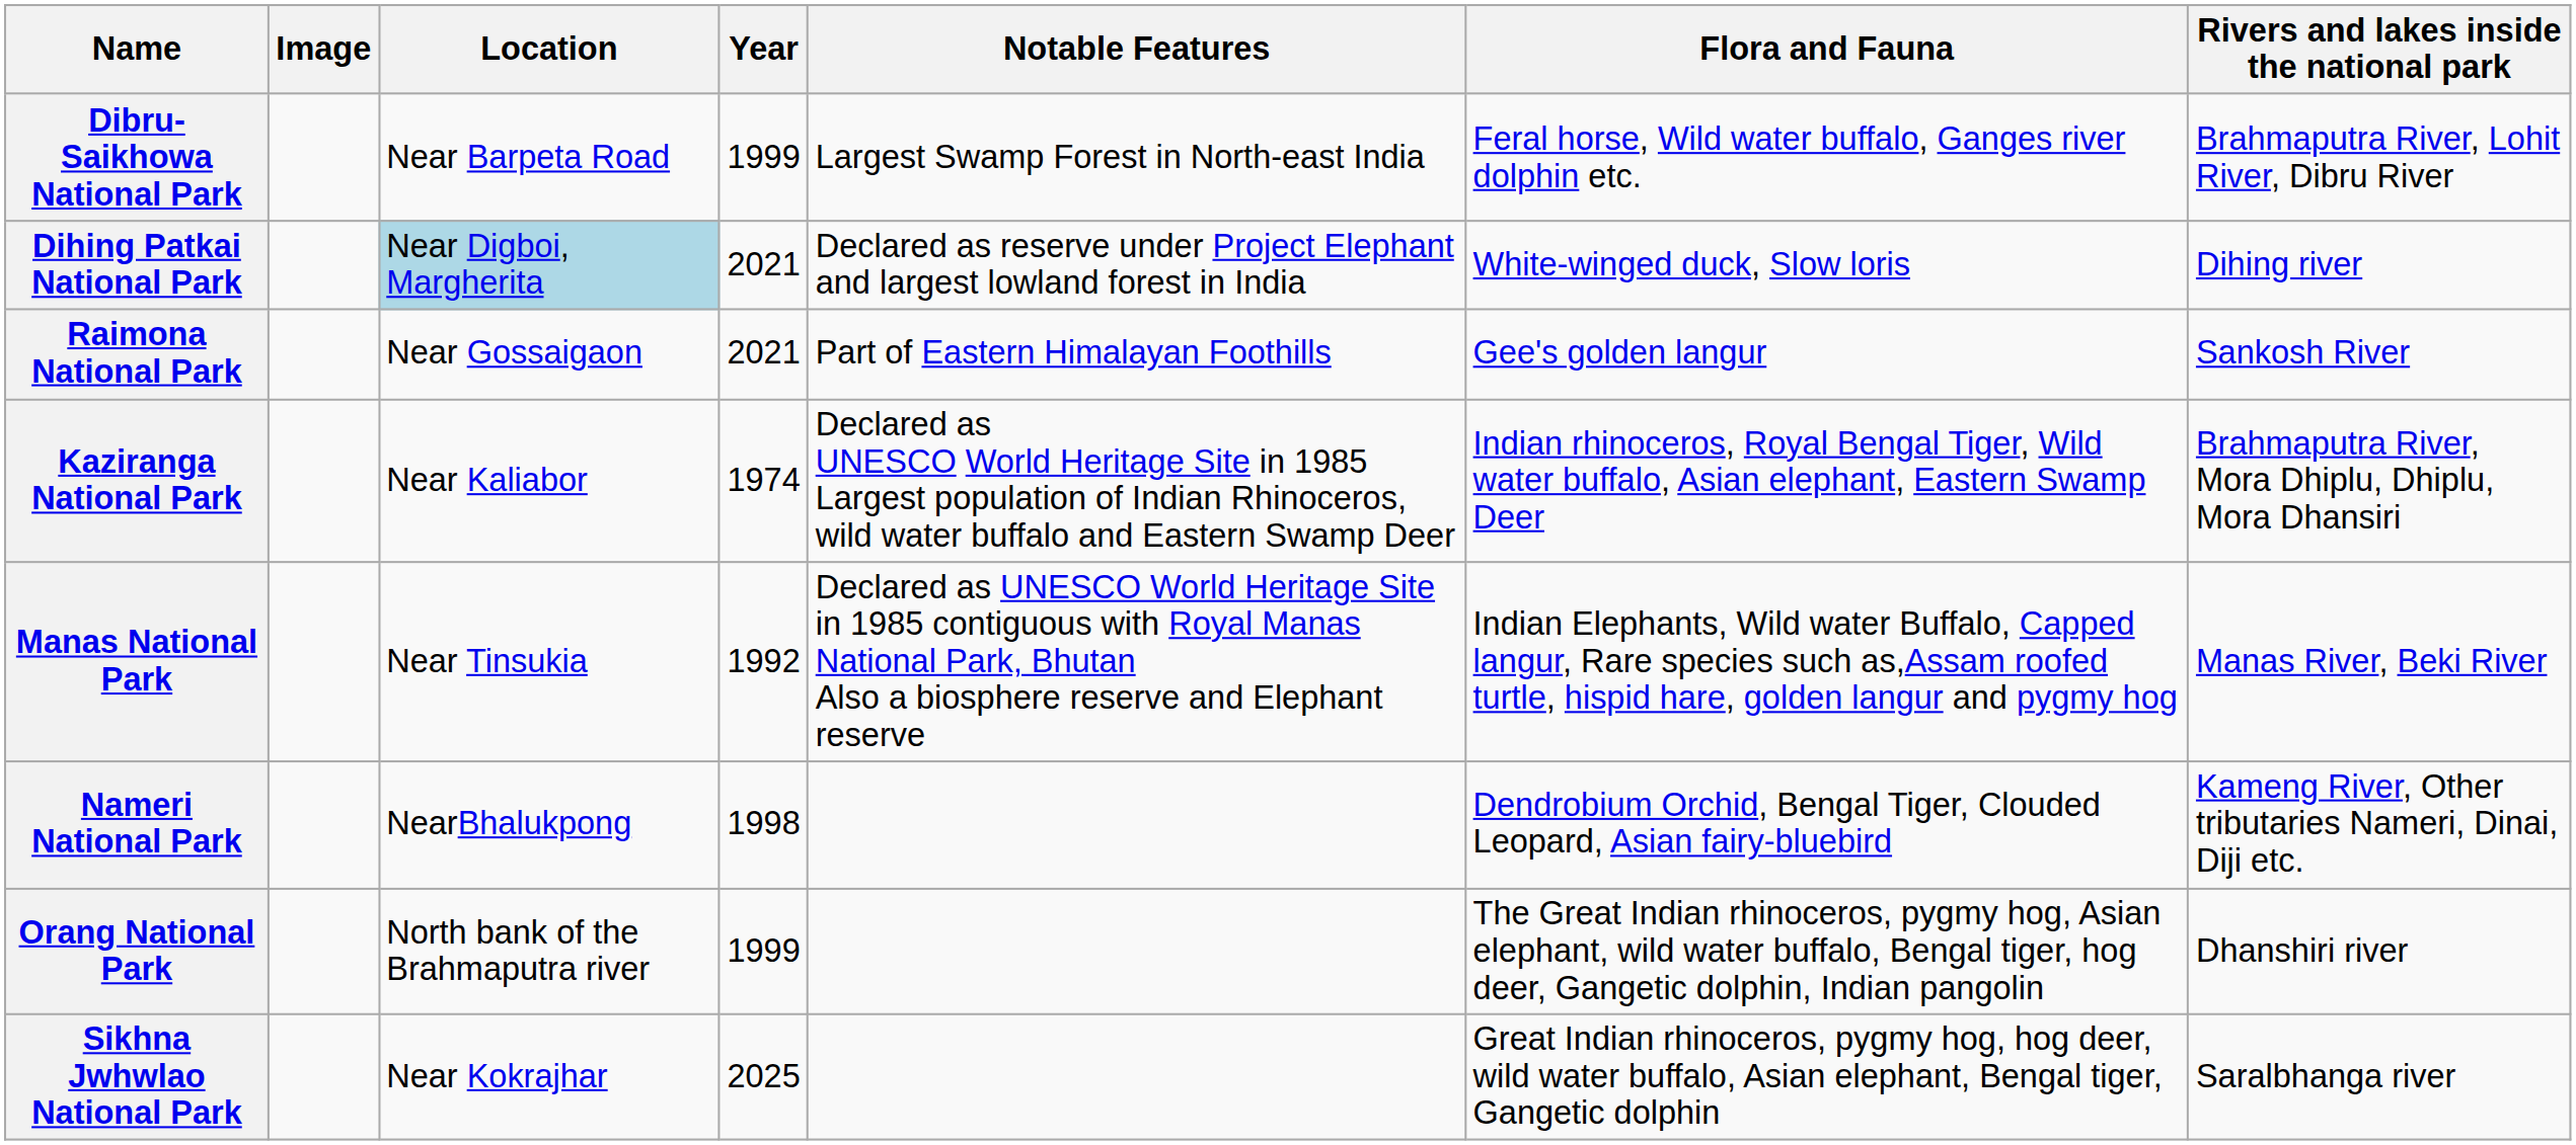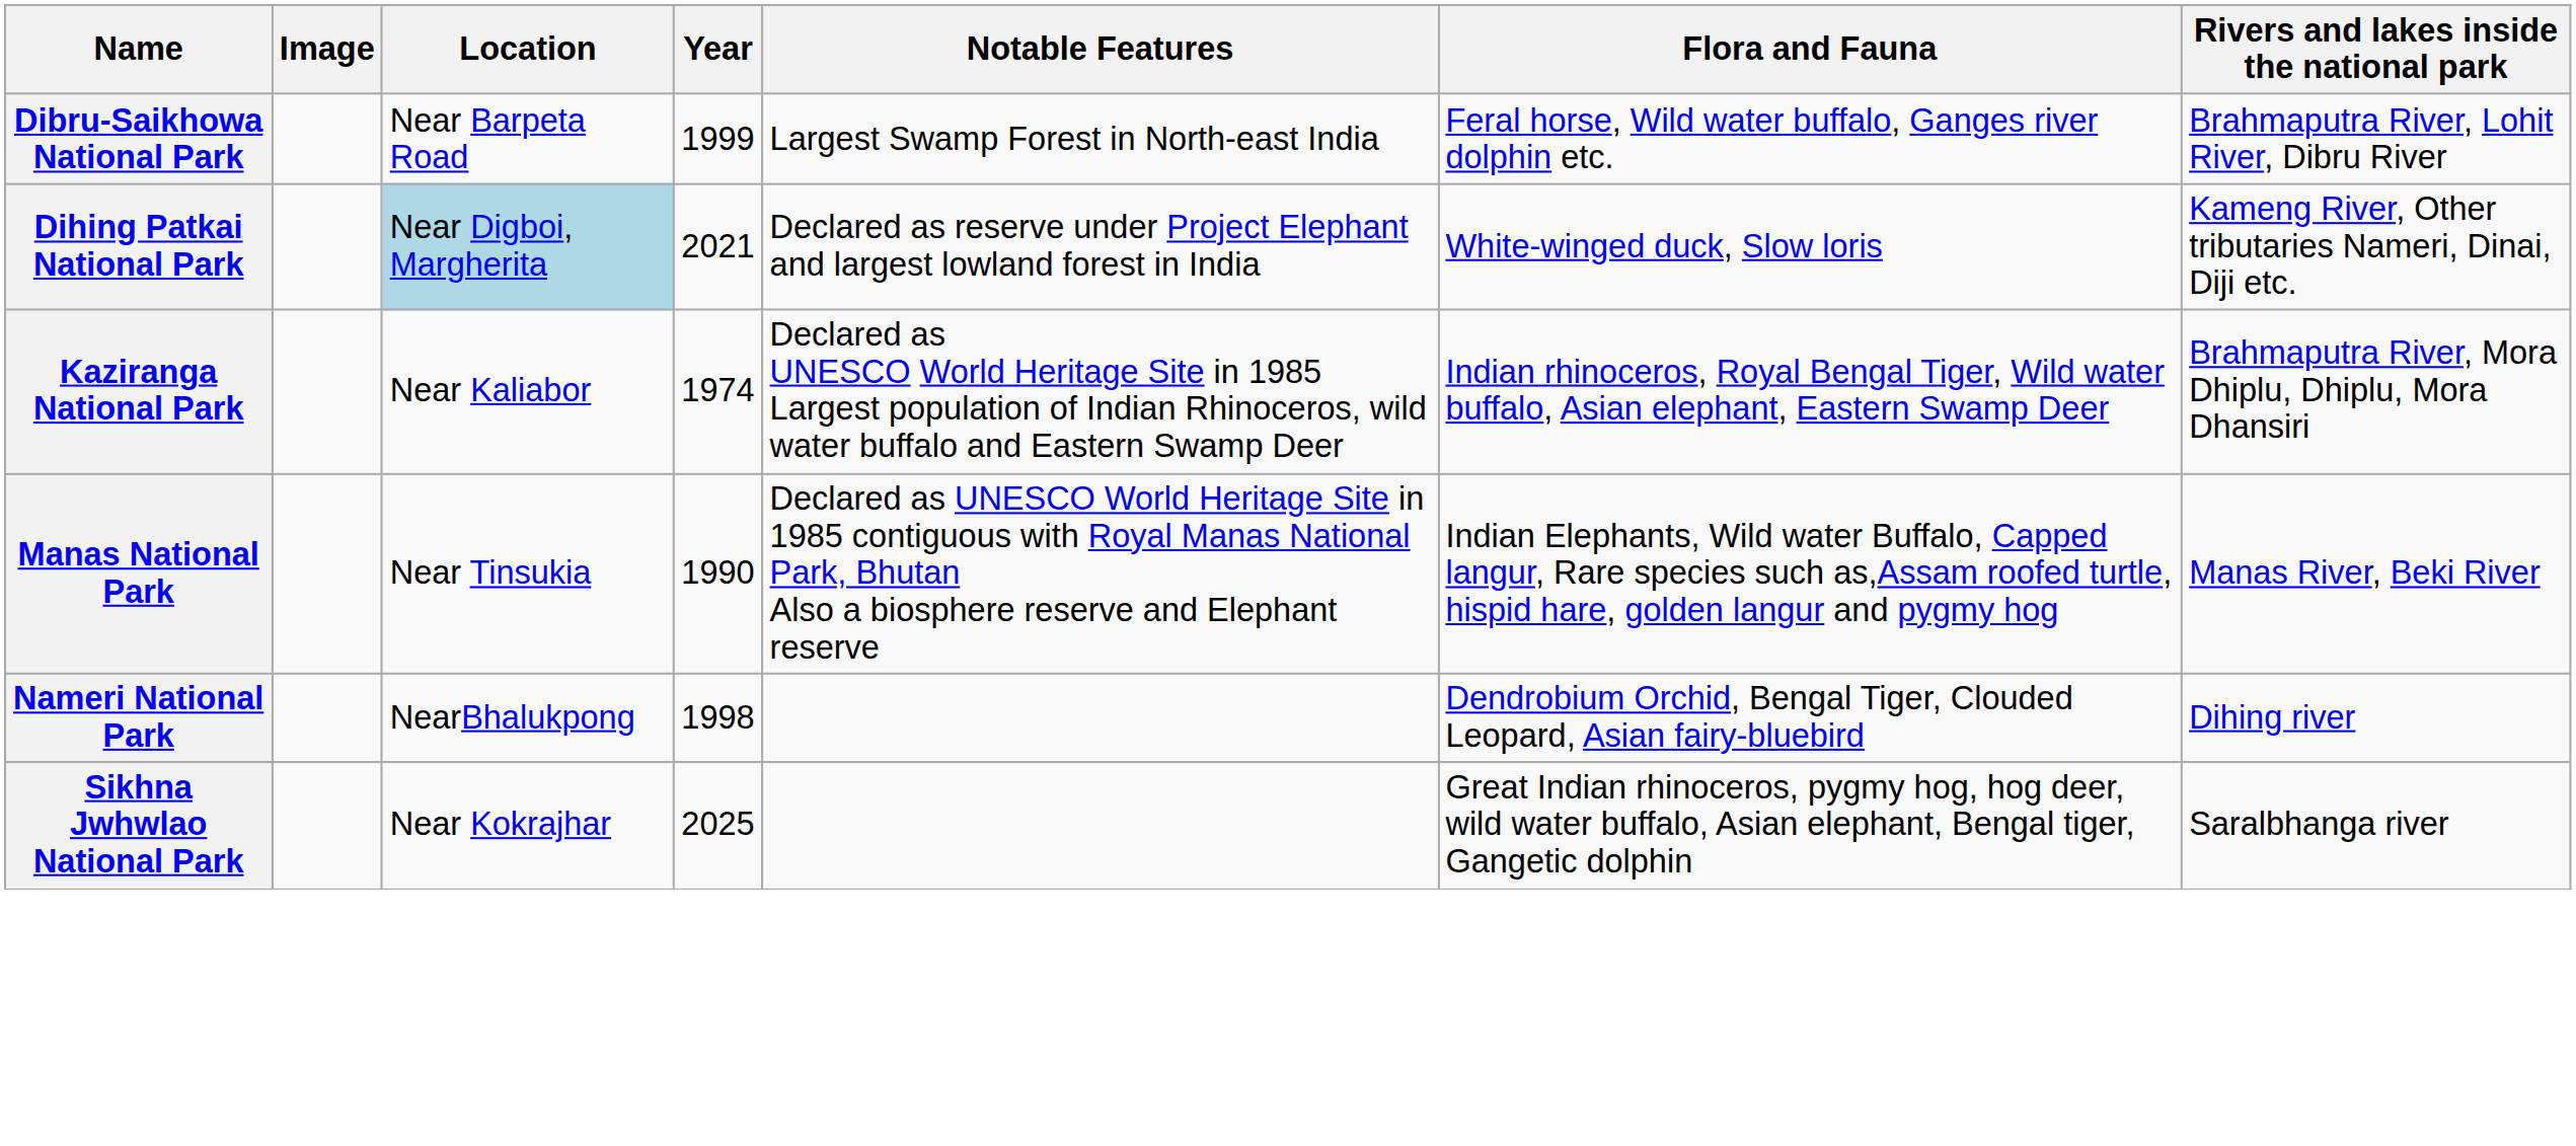 <table class="wikitable sortable">
 <tr>
 <th>Name</th>
 <th>Image</th>
 <th>Location</th>
 <th>Year</th>
 <th>Notable Features</th>
 <th>Flora and Fauna</th>
 <th>Rivers and lakes inside the national park</th>
 </tr>
 <tr>
 <th><a href='#'>Dibru-Saikhowa National Park</a></th>
 <td></td>
 <td>Near <a href='#'>Barpeta Road</a></td>
 <td>1999</td>
 <td>Largest Swamp Forest in North-east India</td>
 <td><a href='#'>Feral horse</a>, <a href='#'>Wild water buffalo</a>, <a href='#'>Ganges river dolphin</a> etc.</td>
 <td><a href='#'>Brahmaputra River</a>, <a href='#'>Lohit River</a>, Dibru River</td>
 </tr>
 <tr>
 <th><a href='#'>Dihing Patkai National Park</a></th>
 <td></td>
 <td style="background: lightblue;">Near <a href='#'>Digboi</a>, <a href='#'>Margherita</a></td>
 <td>2021</td>
 <td>Declared as reserve under <a href='#'>Project Elephant</a> and largest lowland forest in India</td>
 <td><a href='#'>White-winged duck</a>, <a href='#'>Slow loris</a></td>
-<td><a href='#'>Dihing river</a></td>
-</tr>
-<tr>
-<th><a href='#'>Raimona National Park</a></th>
-<td></td>
-<td>Near <a href='#'>Gossaigaon</a></td>
-<td>2021</td>
-<td>Part of <a href='#'>Eastern Himalayan Foothills</a></td>
-<td><a href='#'>Gee's golden langur</a></td>
-<td><a href='#'>Sankosh River</a></td>
+<td><a href='#'>Kameng River</a>, Other tributaries Nameri, Dinai, Diji etc.</td>
 </tr>
 <tr>
 <th><a href='#'>Kaziranga National Park</a></th>
 <td><br></td>
 <td>Near <a href='#'>Kaliabor</a></td>
 <td>1974</td>
 <td>Declared as<br><a href='#'>UNESCO</a> <a href='#'>World Heritage Site</a> in 1985 Largest population of Indian Rhinoceros, wild water buffalo and Eastern Swamp Deer</td>
 <td><a href='#'>Indian rhinoceros</a>, <a href='#'>Royal Bengal Tiger</a>, <a href='#'>Wild water buffalo</a>, <a href='#'>Asian elephant</a>, <a href='#'>Eastern Swamp Deer</a></td>
 <td><a href='#'>Brahmaputra River</a>, Mora Dhiplu, Dhiplu, Mora Dhansiri</td>
 </tr>
 <tr>
 <th><a href='#'>Manas National Park</a></th>
 <td><br></td>
 <td>Near <a href='#'>Tinsukia</a></td>
-<td>1992</td>
+<td>1990</td>
 <td>Declared as <a href='#'>UNESCO World Heritage Site</a> in 1985 contiguous with <a href='#'>Royal Manas National Park, Bhutan</a><br>Also a biosphere reserve and Elephant reserve</td>
 <td>Indian Elephants, Wild water Buffalo, <a href='#'>Capped langur</a>, Rare species such as,<a href='#'>Assam roofed turtle</a>, <a href='#'>hispid hare</a>, <a href='#'>golden langur</a> and <a href='#'>pygmy hog</a></td>
 <td><a href='#'>Manas River</a>, <a href='#'>Beki River</a></td>
 </tr>
 <tr>
 <th><a href='#'>Nameri National Park</a></th>
 <td><br></td>
 <td>Near<a href='#'>Bhalukpong</a></td>
 <td>1998</td>
 <td></td>
 <td><a href='#'>Dendrobium Orchid</a>, Bengal Tiger, Clouded Leopard, <a href='#'>Asian fairy-bluebird</a></td>
-<td><a href='#'>Kameng River</a>, Other tributaries Nameri, Dinai, Diji etc.</td>
-</tr>
-<tr>
-<th><a href='#'>Orang National Park</a></th>
-<td></td>
-<td>North bank of the Brahmaputra river</td>
-<td>1999</td>
-<td></td>
-<td>The Great Indian rhinoceros, pygmy hog, Asian elephant, wild water buffalo, Bengal tiger, hog deer, Gangetic dolphin, Indian pangolin</td>
-<td>Dhanshiri river</td>
+<td><a href='#'>Dihing river</a></td>
 </tr>
 <tr>
 <th><a href='#'>Sikhna Jwhwlao National Park</a></th>
 <td></td>
 <td>Near <a href='#'>Kokrajhar</a></td>
 <td>2025</td>
 <td></td>
 <td>Great Indian rhinoceros, pygmy hog, hog deer, wild water buffalo, Asian elephant, Bengal tiger, Gangetic dolphin</td>
 <td>Saralbhanga river</td>
 </tr>
 </table>
